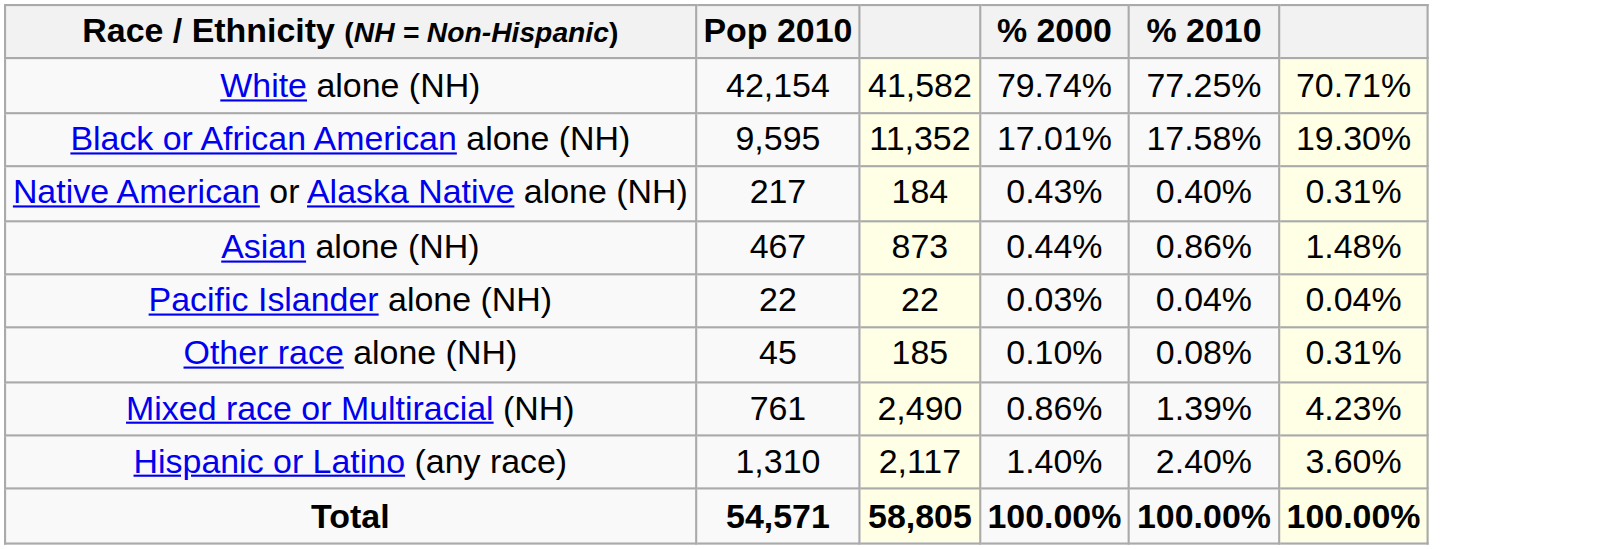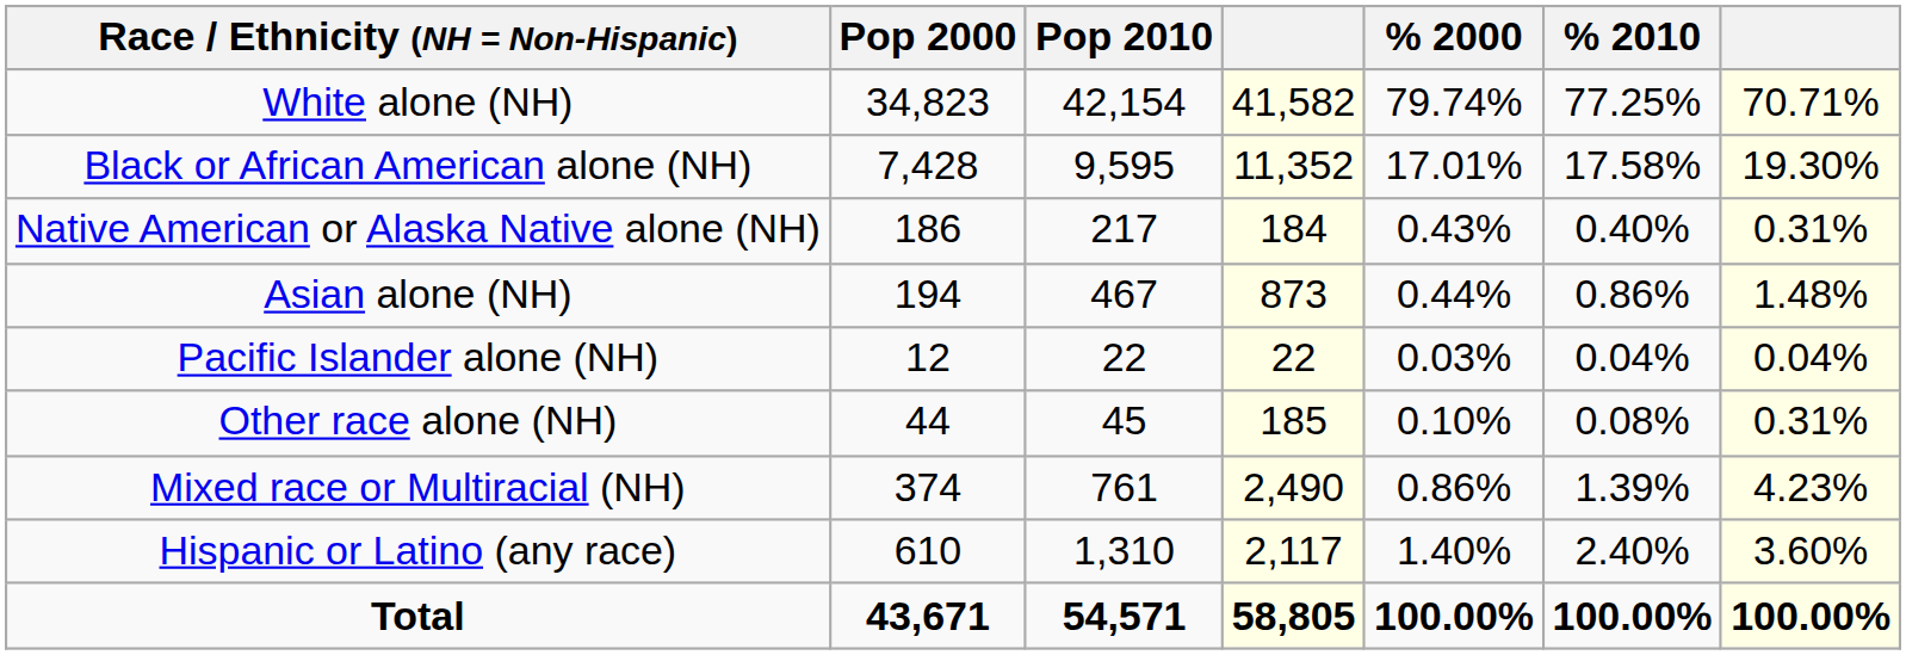 <table class="wikitable" style="text-align:center;">
 <tr>
 <th>Race / Ethnicity <small>(<em>NH = Non-Hispanic</em>)</small></th>
+<th>Pop 2000</th>
 <th>Pop 2010</th>
 <th></th>
 <th>% 2000</th>
 <th>% 2010</th>
 <th></th>
 </tr>
 <tr>
 <td><a href='#'>White</a> alone (NH)</td>
+<td>34,823</td>
 <td>42,154</td>
 <td style='background: #ffffe6;'>41,582</td>
 <td>79.74%</td>
 <td>77.25%</td>
 <td style='background: #ffffe6;'>70.71%</td>
 </tr>
 <tr>
 <td><a href='#'>Black or African American</a> alone (NH)</td>
+<td>7,428</td>
 <td>9,595</td>
 <td style='background: #ffffe6;'>11,352</td>
 <td>17.01%</td>
 <td>17.58%</td>
 <td style='background: #ffffe6;'>19.30%</td>
 </tr>
 <tr>
 <td><a href='#'>Native American</a> or <a href='#'>Alaska Native</a> alone (NH)</td>
+<td>186</td>
 <td>217</td>
 <td style='background: #ffffe6;'>184</td>
 <td>0.43%</td>
 <td>0.40%</td>
 <td style='background: #ffffe6;'>0.31%</td>
 </tr>
 <tr>
 <td><a href='#'>Asian</a> alone (NH)</td>
+<td>194</td>
 <td>467</td>
 <td style='background: #ffffe6;'>873</td>
 <td>0.44%</td>
 <td>0.86%</td>
 <td style='background: #ffffe6;'>1.48%</td>
 </tr>
 <tr>
 <td><a href='#'>Pacific Islander</a> alone (NH)</td>
+<td>12</td>
 <td>22</td>
 <td style='background: #ffffe6;'>22</td>
 <td>0.03%</td>
 <td>0.04%</td>
 <td style='background: #ffffe6;'>0.04%</td>
 </tr>
 <tr>
 <td><a href='#'>Other race</a> alone (NH)</td>
+<td>44</td>
 <td>45</td>
 <td style='background: #ffffe6;'>185</td>
 <td>0.10%</td>
 <td>0.08%</td>
 <td style='background: #ffffe6;'>0.31%</td>
 </tr>
 <tr>
 <td><a href='#'>Mixed race or Multiracial</a> (NH)</td>
+<td>374</td>
 <td>761</td>
 <td style='background: #ffffe6;'>2,490</td>
 <td>0.86%</td>
 <td>1.39%</td>
 <td style='background: #ffffe6;'>4.23%</td>
 </tr>
 <tr>
 <td><a href='#'>Hispanic or Latino</a> (any race)</td>
+<td>610</td>
 <td>1,310</td>
 <td style='background: #ffffe6;'>2,117</td>
 <td>1.40%</td>
 <td>2.40%</td>
 <td style='background: #ffffe6;'>3.60%</td>
 </tr>
 <tr>
 <td><strong>Total</strong></td>
+<td><strong>43,671</strong></td>
 <td><strong>54,571</strong></td>
 <td style='background: #ffffe6;'><strong>58,805</strong></td>
 <td><strong>100.00%</strong></td>
 <td><strong>100.00%</strong></td>
 <td style='background: #ffffe6;'><strong>100.00%</strong></td>
 </tr>
 </table>
